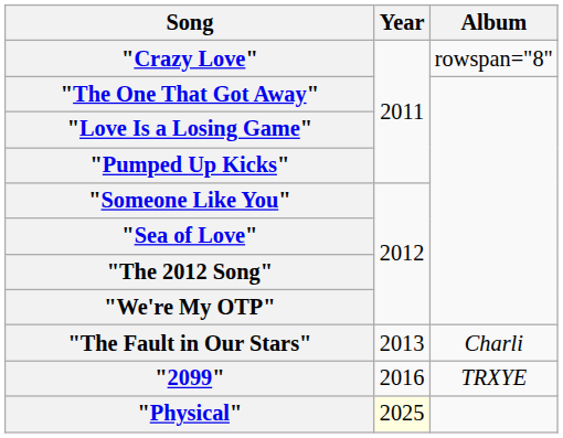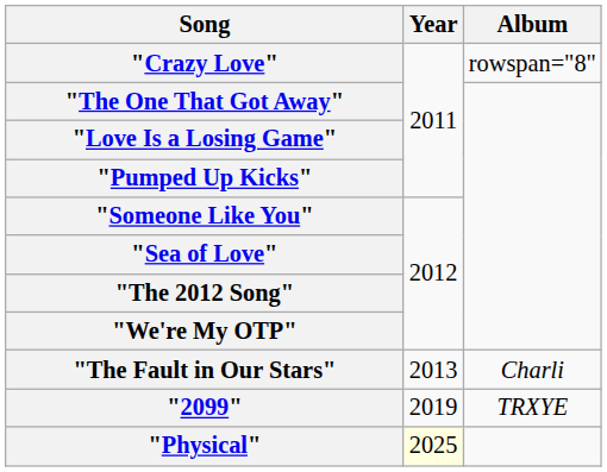 <table class="wikitable plainrowheaders" style="text-align:center;">
 <tr>
 <th scope="col" style="width:16em;">Song</th>
 <th scope="col">Year</th>
 <th scope="col">Album</th>
 </tr>
 <tr>
 <th scope="row">"<a href='#'>Crazy Love</a>"</th>
 <td rowspan="4">2011</td>
 <td>rowspan="8" </td>
 </tr>
 <tr>
 <th scope="row">"<a href='#'>The One That Got Away</a>"</th>
 </tr>
 <tr>
 <th scope="row">"<a href='#'>Love Is a Losing Game</a>"</th>
 </tr>
 <tr>
 <th scope="row">"<a href='#'>Pumped Up Kicks</a>"</th>
 </tr>
 <tr>
 <th scope="row">"<a href='#'>Someone Like You</a>"</th>
 <td rowspan="4">2012</td>
 </tr>
 <tr>
 <th scope="row">"<a href='#'>Sea of Love</a>"</th>
 </tr>
 <tr>
 <th scope="row">"The 2012 Song"</th>
 </tr>
 <tr>
 <th scope="row">"We're My OTP"</th>
 </tr>
 <tr>
 <th scope="row">"The Fault in Our Stars"</th>
 <td>2013</td>
 <td><em>Charli</em></td>
 </tr>
 <tr>
 <th scope="row">"<a href='#'>2099</a>"<br></th>
-<td>2016</td>
+<td>2019</td>
 <td><em>TRXYE</em></td>
 </tr>
 <tr>
 <th scope="row">"<a href='#'>Physical</a>"<br></th>
 <td style="background: lightyellow;">2025</td>
 <td></td>
 </tr>
 </table>
